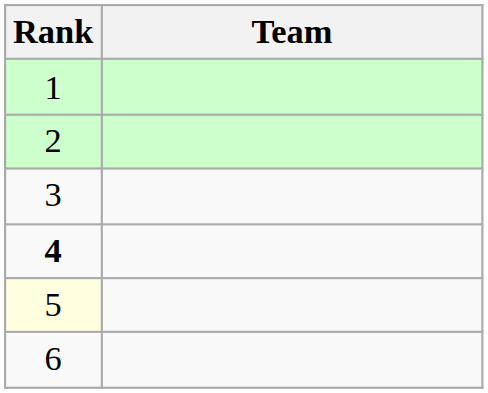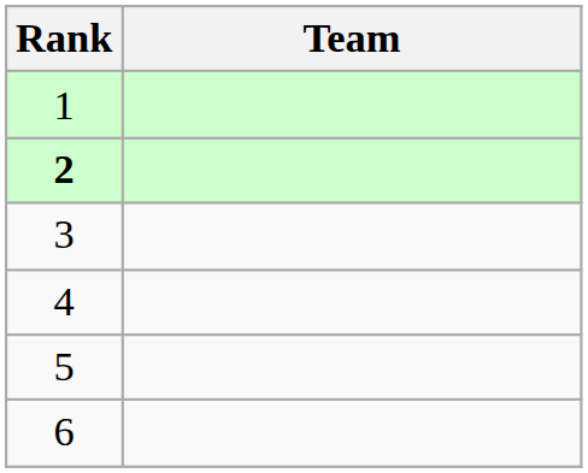 <table class="wikitable">
 <tr>
 <th>Rank</th>
 <th width=170>Team</th>
 </tr>
 <tr bgcolor=ccffcc>
 <td align=center>1</td>
 <td></td>
 </tr>
 <tr bgcolor=ccffcc>
-<td align=center>2</td>
+<td align=center><strong>2</strong></td>
 <td></td>
 </tr>
 <tr>
 <td align=center>3</td>
 <td></td>
 </tr>
 <tr>
-<td align=center><strong>4</strong></td>
+<td align=center>4</td>
 <td></td>
 </tr>
 <tr>
-<td align=center style="background: lightyellow;">5</td>
+<td align=center>5</td>
 <td></td>
 </tr>
 <tr>
 <td align=center>6</td>
 <td></td>
 </tr>
 </table>
